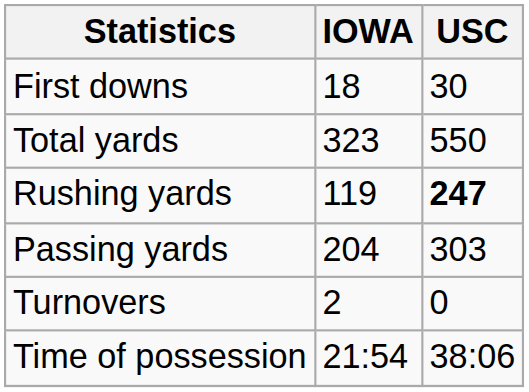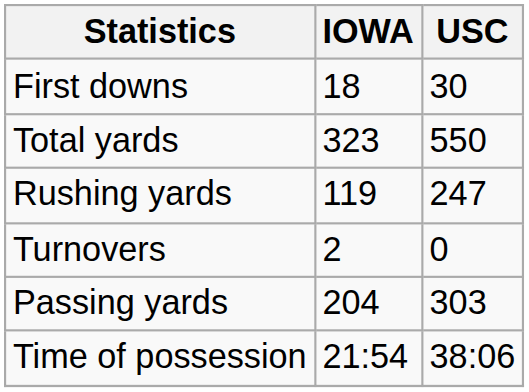 <table class="wikitable">
 <tr>
 <th>Statistics</th>
 <th>IOWA</th>
 <th>USC</th>
 </tr>
 <tr>
 <td>First downs</td>
 <td>18</td>
 <td>30</td>
 </tr>
 <tr>
 <td>Total yards</td>
 <td>323</td>
 <td>550</td>
 </tr>
 <tr>
 <td>Rushing yards</td>
 <td>119</td>
-<td><strong>247</strong></td>
+<td>247</td>
+</tr>
+<tr>
+<td>Turnovers</td>
+<td>2</td>
+<td>0</td>
 </tr>
 <tr>
 <td>Passing yards</td>
 <td>204</td>
 <td>303</td>
-</tr>
-<tr>
-<td>Turnovers</td>
-<td>2</td>
-<td>0</td>
 </tr>
 <tr>
 <td>Time of possession</td>
 <td>21:54</td>
 <td>38:06</td>
 </tr>
 <tr>
 </tr>
 </table>
